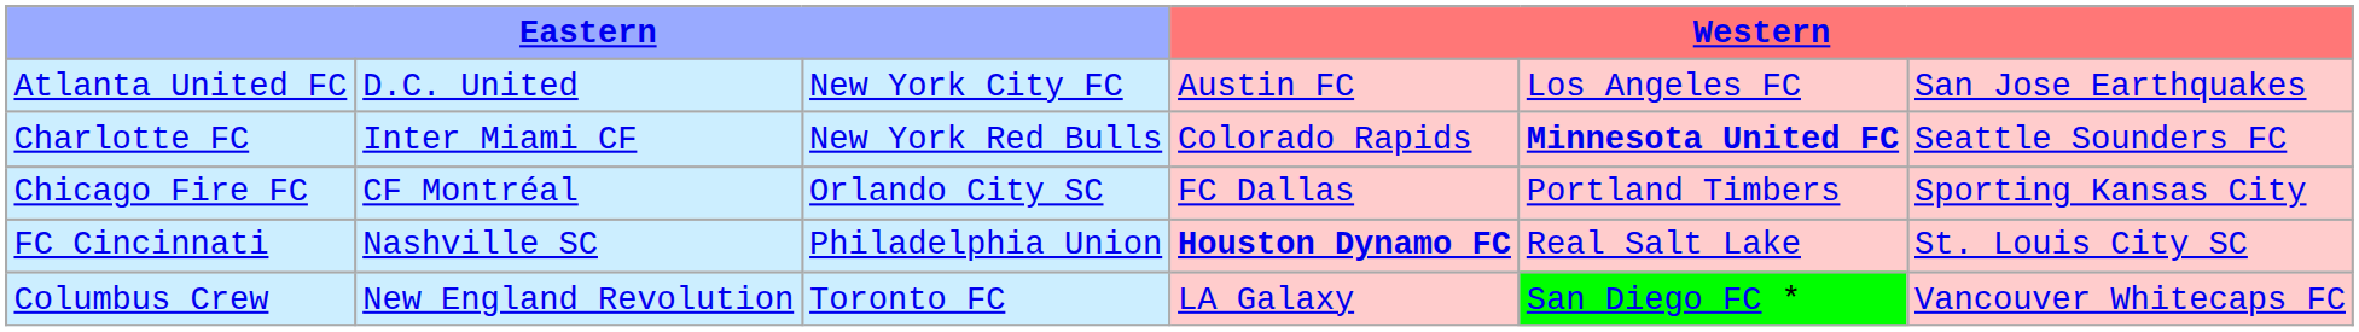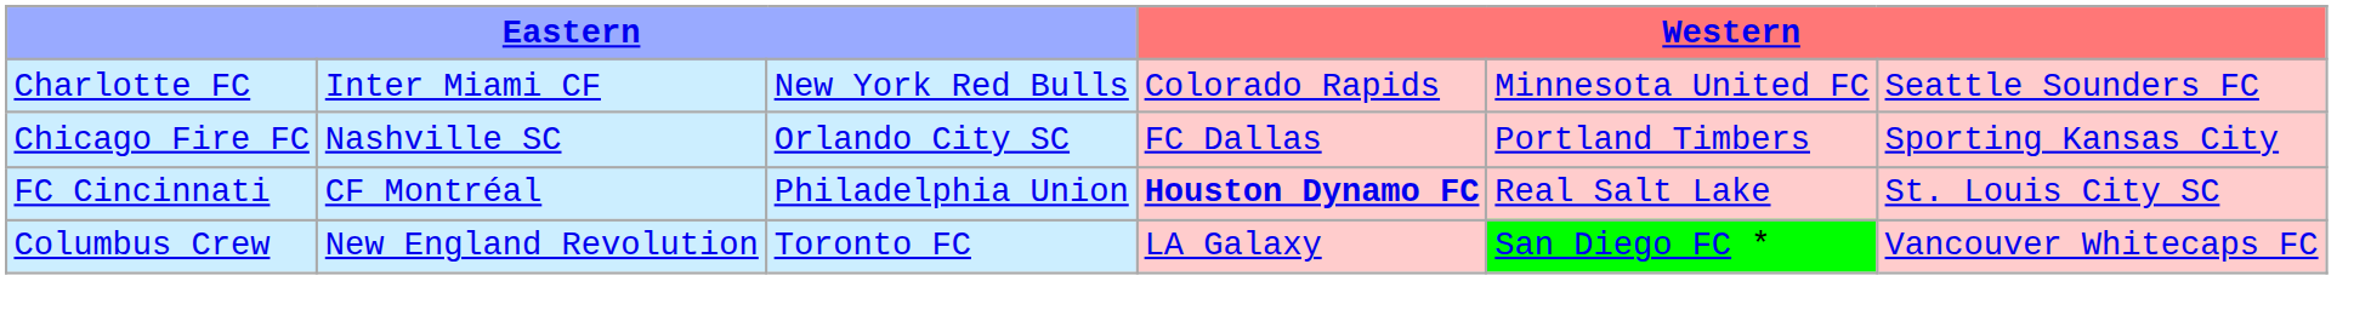 <table class="wikitable">
 <tr>
 <th colspan=3 style="background-color: #9AF;"><a href='#'>Eastern</a></th>
 <th colspan=3 style="background-color: #F77;"><a href='#'>Western</a></th>
 </tr>
 <tr>
-<td style="background-color: #CEF;"><a href='#'>Atlanta United FC</a></td>
-<td style="background-color: #CEF;"><a href='#'>D.C. United</a></td>
-<td style="background-color: #CEF;"><a href='#'>New York City FC</a></td>
-<td style="background-color: #FCC;"><a href='#'>Austin FC</a></td>
-<td style="background-color: #FCC;"><a href='#'>Los Angeles FC</a></td>
-<td style="background-color: #FCC;"><a href='#'>San Jose Earthquakes</a></td>
-</tr>
-<tr>
 <td style="background-color: #CEF;"><a href='#'>Charlotte FC</a></td>
 <td style="background-color: #CEF;"><a href='#'>Inter Miami CF</a></td>
 <td style="background-color: #CEF;"><a href='#'>New York Red Bulls</a></td>
 <td style="background-color: #FCC;"><a href='#'>Colorado Rapids</a></td>
-<td style="background-color: #FCC;"><strong><a href='#'>Minnesota United FC</a></strong></td>
+<td style="background-color: #FCC;"><a href='#'>Minnesota United FC</a></td>
 <td style="background-color: #FCC;"><a href='#'>Seattle Sounders FC</a></td>
 </tr>
 <tr>
 <td style="background-color: #CEF;"><a href='#'>Chicago Fire FC</a></td>
-<td style="background-color: #CEF;"><a href='#'>CF Montréal</a></td>
+<td style="background-color: #CEF;"><a href='#'>Nashville SC</a></td>
 <td style="background-color: #CEF;"><a href='#'>Orlando City SC</a></td>
 <td style="background-color: #FCC;"><a href='#'>FC Dallas</a></td>
 <td style="background-color: #FCC;"><a href='#'>Portland Timbers</a></td>
 <td style="background-color: #FCC;"><a href='#'>Sporting Kansas City</a></td>
 </tr>
 <tr>
 <td style="background-color: #CEF;"><a href='#'>FC Cincinnati</a></td>
-<td style="background-color: #CEF;"><a href='#'>Nashville SC</a></td>
+<td style="background-color: #CEF;"><a href='#'>CF Montréal</a></td>
 <td style="background-color: #CEF;"><a href='#'>Philadelphia Union</a></td>
 <td style="background-color: #FCC;"><strong><a href='#'>Houston Dynamo FC</a></strong></td>
 <td style="background-color: #FCC;"><a href='#'>Real Salt Lake</a></td>
 <td style="background-color: #FCC;"><a href='#'>St. Louis City SC</a></td>
 </tr>
 <tr>
 <td style="background-color: #CEF;"><a href='#'>Columbus Crew</a></td>
 <td style="background-color: #CEF;"><a href='#'>New England Revolution</a></td>
 <td style="background-color: #CEF;"><a href='#'>Toronto FC</a></td>
 <td style="background-color: #FCC;"><a href='#'>LA Galaxy</a></td>
 <td style="background-color: #0F0;"><a href='#'>San Diego FC</a> *</td>
 <td style="background-color: #FCC;"><a href='#'>Vancouver Whitecaps FC</a></td>
 </tr>
 </table>
